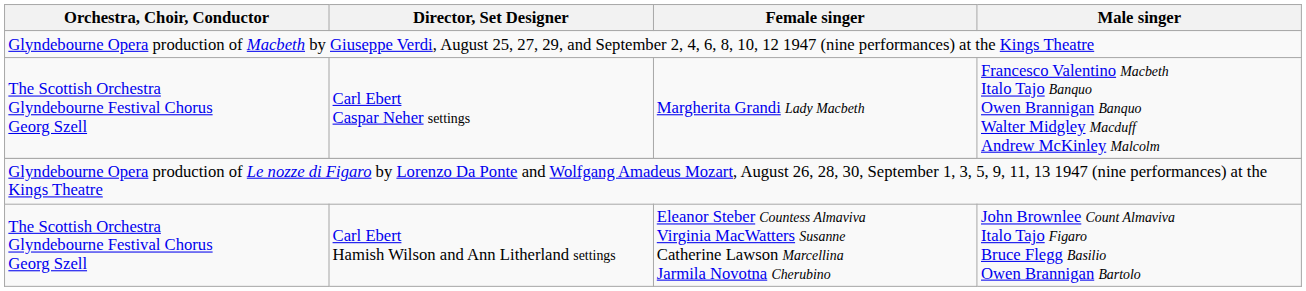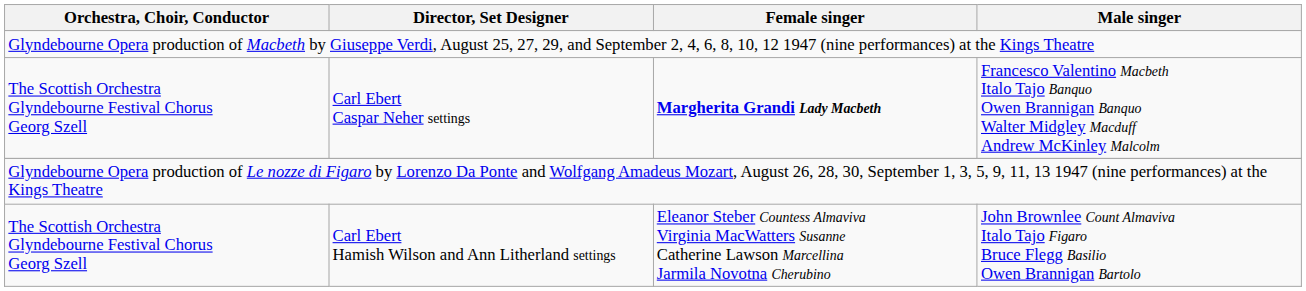 <table class="wikitable toptextcells">
 <tr class="hintergrundfarbe5">
 <th style="width:25%;">Orchestra, Choir, Conductor</th>
 <th style="width:25%;">Director, Set Designer</th>
 <th style="width:25%;">Female singer</th>
 <th style="width:25%;">Male singer</th>
 </tr>
 <tr>
 </tr>
 <tr class="hintergrundfarbe8">
 <td colspan="9"><a href='#'>Glyndebourne Opera</a> production of <em><a href='#'>Macbeth</a></em> by <a href='#'>Giuseppe Verdi</a>, August 25, 27, 29, and September 2, 4, 6, 8, 10, 12 1947 (nine performances) at the <a href='#'>Kings Theatre</a></td>
 </tr>
 <tr>
 <td><a href='#'>The Scottish Orchestra</a><br><a href='#'>Glyndebourne Festival Chorus</a><br><a href='#'>Georg Szell</a></td>
 <td><a href='#'>Carl Ebert</a><br><a href='#'>Caspar Neher</a> <small>settings</small></td>
-<td><a href='#'>Margherita Grandi</a> <small><em>Lady Macbeth</em></small></td>
+<td><strong><a href='#'>Margherita Grandi</a> <small><em>Lady Macbeth</em></small></strong></td>
 <td><a href='#'>Francesco Valentino</a> <small><em>Macbeth</em></small><br><a href='#'>Italo Tajo</a> <small><em>Banquo</em></small><br><a href='#'>Owen Brannigan</a> <small><em>Banquo</em></small><br><a href='#'>Walter Midgley</a> <small><em>Macduff</em></small><br><a href='#'>Andrew McKinley</a> <small><em>Malcolm</em></small></td>
 </tr>
 <tr>
 </tr>
 <tr class="hintergrundfarbe8">
 <td colspan="9"><a href='#'>Glyndebourne Opera</a> production of <em><a href='#'>Le nozze di Figaro</a></em> by <a href='#'>Lorenzo Da Ponte</a> and <a href='#'>Wolfgang Amadeus Mozart</a>, August 26, 28, 30, September 1, 3, 5, 9, 11, 13 1947 (nine performances) at the <a href='#'>Kings Theatre</a></td>
 </tr>
 <tr>
 <td><a href='#'>The Scottish Orchestra</a><br><a href='#'>Glyndebourne Festival Chorus</a><br><a href='#'>Georg Szell</a></td>
 <td><a href='#'>Carl Ebert</a><br>Hamish Wilson and Ann Litherland <small>settings</small></td>
 <td><a href='#'>Eleanor Steber</a> <small><em>Countess Almaviva</em></small><br><a href='#'>Virginia MacWatters</a> <small><em>Susanne</em></small><br>Catherine Lawson <small><em>Marcellina</em></small><br><a href='#'>Jarmila Novotna</a> <small><em>Cherubino</em></small></td>
 <td><a href='#'>John Brownlee</a> <small><em> Count Almaviva</em></small><br><a href='#'>Italo Tajo</a> <small><em>Figaro</em></small><br><a href='#'>Bruce Flegg</a> <small><em>Basilio</em></small><br><a href='#'>Owen Brannigan</a> <small><em>Bartolo</em></small></td>
 </tr>
 </table>
